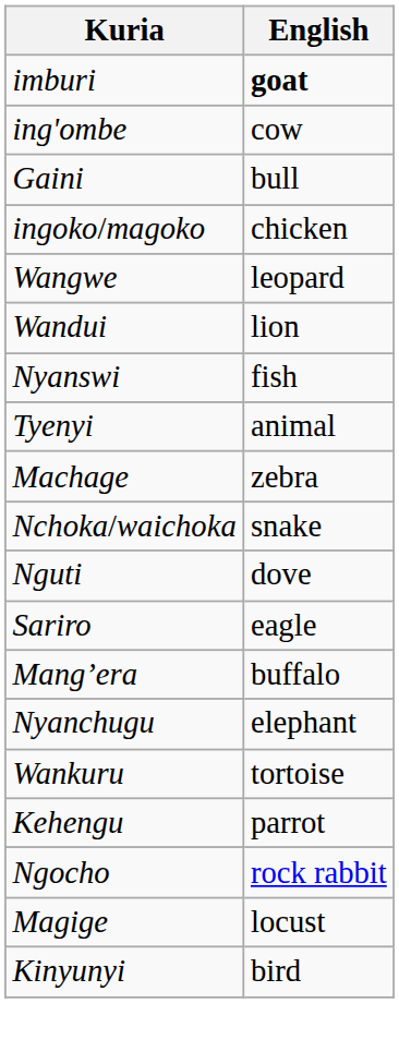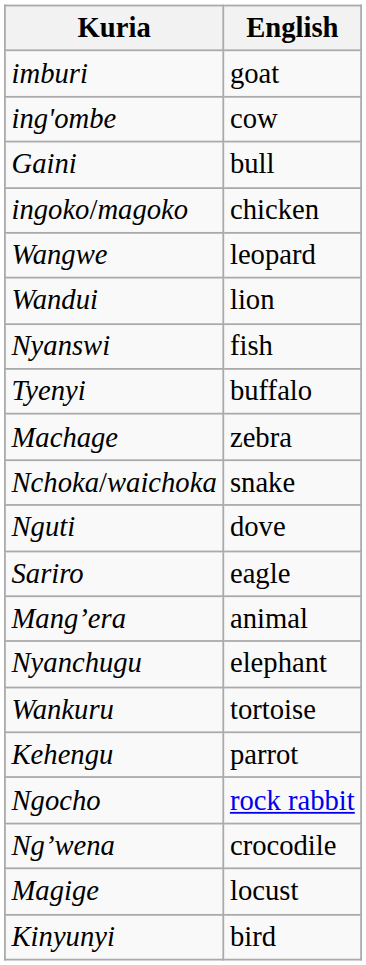 <table class="wikitable" style="display: inline-table;">
 <tr>
 <th>Kuria</th>
 <th>English</th>
 </tr>
 <tr>
 <td><em>imburi</em></td>
-<td><strong>goat</strong></td>
+<td>goat</td>
 </tr>
 <tr>
 <td><em>ing'ombe</em></td>
 <td>cow</td>
 </tr>
 <tr>
 <td><em>Gaini</em></td>
 <td>bull</td>
 </tr>
 <tr>
 <td><em>ingoko</em>/<em>magoko</em></td>
 <td>chicken</td>
 </tr>
 <tr>
 <td><em>Wangwe</em></td>
 <td>leopard</td>
 </tr>
 <tr>
 <td><em>Wandui</em></td>
 <td>lion</td>
 </tr>
 <tr>
 <td><em>Nyanswi</em></td>
 <td>fish</td>
 </tr>
 <tr>
 <td><em>Tyenyi</em></td>
-<td>animal</td>
+<td>buffalo</td>
 </tr>
 <tr>
 <td><em>Machage</em></td>
 <td>zebra</td>
 </tr>
 <tr>
 <td><em>Nchoka</em>/<em>waichoka</em></td>
 <td>snake</td>
 </tr>
 <tr>
 <td><em>Nguti</em></td>
 <td>dove</td>
 </tr>
 <tr>
 <td><em>Sariro</em></td>
 <td>eagle</td>
 </tr>
 <tr>
 <td><em>Mang’era</em></td>
-<td>buffalo</td>
+<td>animal</td>
 </tr>
 <tr>
 <td><em>Nyanchugu</em></td>
 <td>elephant</td>
 </tr>
 <tr>
 <td><em>Wankuru</em></td>
 <td>tortoise</td>
 </tr>
 <tr>
 <td><em>Kehengu</em></td>
 <td>parrot</td>
 </tr>
 <tr>
 <td><em>Ngocho</em></td>
 <td><a href='#'>rock rabbit</a></td>
 </tr>
 <tr>
+<td><em>Ng’wena</em></td>
+<td>crocodile</td>
+</tr>
+<tr>
 <td><em>Magige</em></td>
 <td>locust</td>
 </tr>
 <tr>
 <td><em>Kinyunyi</em></td>
 <td>bird</td>
 </tr>
 </table>
